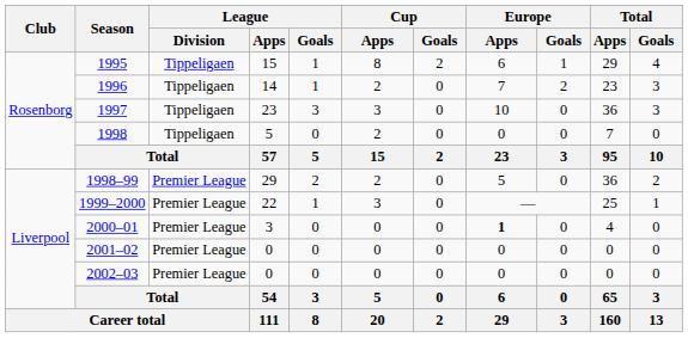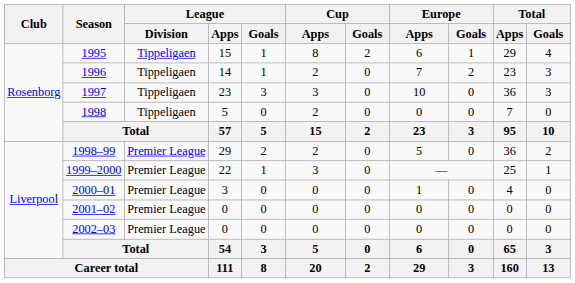 <table class="wikitable" style="text-align:center">
 <tr>
 <th rowspan="2">Club</th>
 <th rowspan="2">Season</th>
 <th colspan="3">League</th>
 <th colspan="2">Cup</th>
 <th colspan="2">Europe</th>
 <th colspan="2">Total</th>
 </tr>
 <tr>
 <th>Division</th>
 <th>Apps</th>
 <th style="width:50px;">Goals</th>
 <th style="width:70px;">Apps</th>
 <th style="width:50px;">Goals</th>
 <th style="width:70px;">Apps</th>
 <th style="width:50px;">Goals</th>
 <th>Apps</th>
 <th style="width:50px;">Goals</th>
 </tr>
 <tr>
 <td rowspan="5" valign="left"><a href='#'>Rosenborg</a></td>
 <td><a href='#'>1995</a></td>
 <td><a href='#'>Tippeligaen</a></td>
 <td>15</td>
 <td>1</td>
 <td>8</td>
 <td>2</td>
 <td>6</td>
 <td>1</td>
 <td>29</td>
 <td>4</td>
 </tr>
 <tr>
 <td><a href='#'>1996</a></td>
 <td>Tippeligaen</td>
 <td>14</td>
 <td>1</td>
 <td>2</td>
 <td>0</td>
 <td>7</td>
 <td>2</td>
 <td>23</td>
 <td>3</td>
 </tr>
 <tr>
 <td><a href='#'>1997</a></td>
 <td>Tippeligaen</td>
 <td>23</td>
 <td>3</td>
 <td>3</td>
 <td>0</td>
 <td>10</td>
 <td>0</td>
 <td>36</td>
 <td>3</td>
 </tr>
 <tr>
 <td><a href='#'>1998</a></td>
 <td>Tippeligaen</td>
 <td>5</td>
 <td>0</td>
 <td>2</td>
 <td>0</td>
 <td>0</td>
 <td>0</td>
 <td>7</td>
 <td>0</td>
 </tr>
 <tr>
 <th colspan="2">Total</th>
 <th>57</th>
 <th>5</th>
 <th>15</th>
 <th>2</th>
 <th>23</th>
 <th>3</th>
 <th>95</th>
 <th>10</th>
 </tr>
 <tr>
 <td rowspan="6" valign="left"><a href='#'>Liverpool</a></td>
 <td><a href='#'>1998–99</a></td>
 <td><a href='#'>Premier League</a></td>
 <td>29</td>
 <td>2</td>
 <td>2</td>
 <td>0</td>
 <td>5</td>
 <td>0</td>
 <td>36</td>
 <td>2</td>
 </tr>
 <tr>
 <td><a href='#'>1999–2000</a></td>
 <td>Premier League</td>
 <td>22</td>
 <td>1</td>
 <td>3</td>
 <td>0</td>
 <td colspan="2">—</td>
 <td>25</td>
 <td>1</td>
 </tr>
 <tr>
 <td><a href='#'>2000–01</a></td>
 <td>Premier League</td>
 <td>3</td>
 <td>0</td>
 <td>0</td>
 <td>0</td>
-<td><strong>1</strong></td>
+<td>1</td>
 <td>0</td>
 <td>4</td>
 <td>0</td>
 </tr>
 <tr>
 <td><a href='#'>2001–02</a></td>
 <td>Premier League</td>
 <td>0</td>
 <td>0</td>
 <td>0</td>
 <td>0</td>
 <td>0</td>
 <td>0</td>
 <td>0</td>
 <td>0</td>
 </tr>
 <tr>
 <td><a href='#'>2002–03</a></td>
 <td>Premier League</td>
 <td>0</td>
 <td>0</td>
 <td>0</td>
 <td>0</td>
 <td>0</td>
 <td>0</td>
 <td>0</td>
 <td>0</td>
 </tr>
 <tr>
 <th colspan="2">Total</th>
 <th>54</th>
 <th>3</th>
 <th>5</th>
 <th>0</th>
 <th>6</th>
 <th>0</th>
 <th>65</th>
 <th>3</th>
 </tr>
 <tr>
 <th colspan="3">Career total</th>
 <th>111</th>
 <th>8</th>
 <th>20</th>
 <th>2</th>
 <th>29</th>
 <th>3</th>
 <th>160</th>
 <th>13</th>
 </tr>
 </table>
